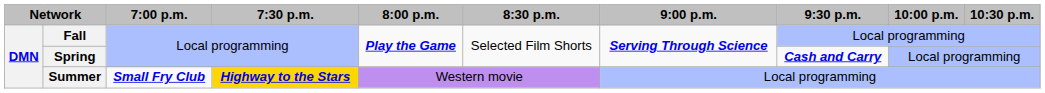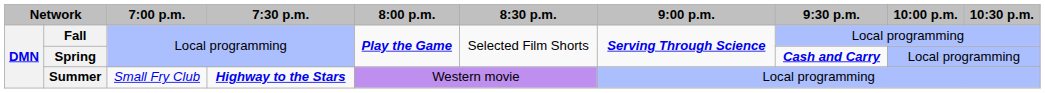 <table class="wikitable" style="width:100%;margin-right:0;text-align:center">
 <tr>
 <th colspan="2" style="background-color:#C0C0C0">Network</th>
 <th style="background-color:#C0C0C0;text-align:center">7:00 p.m.</th>
 <th style="background-color:#C0C0C0;text-align:center">7:30 p.m.</th>
 <th style="background-color:#C0C0C0;text-align:center">8:00 p.m.</th>
 <th style="background-color:#C0C0C0;text-align:center">8:30 p.m.</th>
 <th style="background-color:#C0C0C0;text-align:center">9:00 p.m.</th>
 <th style="background-color:#C0C0C0;text-align:center">9:30 p.m.</th>
 <th style="background-color:#C0C0C0;text-align:center">10:00 p.m.</th>
 <th style="background-color:#C0C0C0;text-align:center">10:30 p.m.</th>
 </tr>
 <tr>
 <th rowspan="3"><a href='#'>DMN</a></th>
 <th>Fall</th>
 <td colspan="2" rowspan=2 style="background:#abbfff;">Local programming</td>
 <td rowspan=2><strong><em><a href='#'>Play the Game</a></em></strong></td>
 <td rowspan=2>Selected Film Shorts</td>
 <td rowspan=2><strong><em><a href='#'>Serving Through Science</a></em></strong></td>
 <td colspan="3" style="background:#abbfff;">Local programming</td>
 </tr>
 <tr>
 <th>Spring</th>
 <td><strong><em><a href='#'>Cash and Carry</a></em></strong></td>
 <td colspan="2" style="background:#abbfff;">Local programming</td>
 </tr>
 <tr>
 <th>Summer</th>
-<td><strong><em><a href='#'>Small Fry Club</a></em></strong></td>
-<td style="background: gold;"><strong><em><a href='#'>Highway to the Stars</a></em></strong></td>
+<td><em><a href='#'>Small Fry Club</a></em></td>
+<td><strong><em><a href='#'>Highway to the Stars</a></em></strong></td>
 <td colspan=2 style="background:#bf8fef;">Western movie</td>
 <td colspan=4 style="background:#abbfff;">Local programming</td>
 </tr>
 </table>
